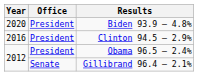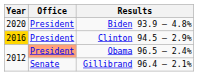 <table class=wikitable>
 <tr>
 <th width="30">Year</th>
 <th width="60">Office</th>
 <th width="180">Results</th>
 </tr>
 <tr>
 <td>2020</td>
 <td><a href='#'>President</a></td>
 <td align="right" ><a href='#'>Biden</a> 93.9 – 4.8%</td>
 </tr>
 <tr>
-<td>2016</td>
+<td style="background: gold;">2016</td>
 <td><a href='#'>President</a></td>
 <td align="right" ><a href='#'>Clinton</a> 94.5 – 2.9%</td>
 </tr>
 <tr>
 <td rowspan="2">2012</td>
-<td><a href='#'>President</a></td>
+<td style="background: lightsalmon;"><a href='#'>President</a></td>
 <td align="right" ><a href='#'>Obama</a> 96.5 – 2.4%</td>
 </tr>
 <tr>
 <td><a href='#'>Senate</a></td>
 <td align="right" ><a href='#'>Gillibrand</a> 96.4 – 2.1%</td>
 </tr>
 </table>
